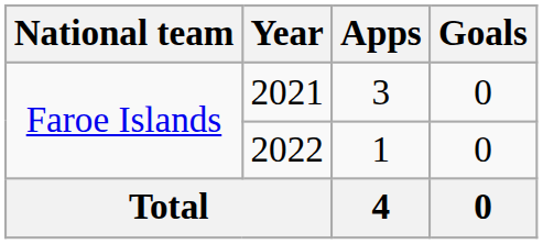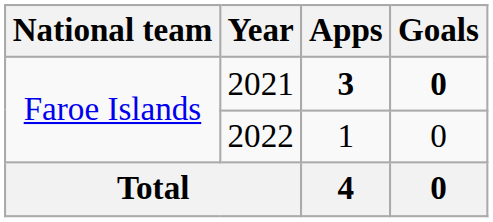 <table class="wikitable" style="text-align: center;">
 <tr>
 <th>National team</th>
 <th>Year</th>
 <th>Apps</th>
 <th>Goals</th>
 </tr>
 <tr>
 <td rowspan="2"><a href='#'>Faroe Islands</a></td>
 <td>2021</td>
-<td>3</td>
-<td>0</td>
+<td><strong>3</strong></td>
+<td><strong>0</strong></td>
 </tr>
 <tr>
 <td>2022</td>
 <td>1</td>
 <td>0</td>
 </tr>
 <tr>
 <th colspan="2">Total</th>
 <th>4</th>
 <th>0</th>
 </tr>
 </table>
